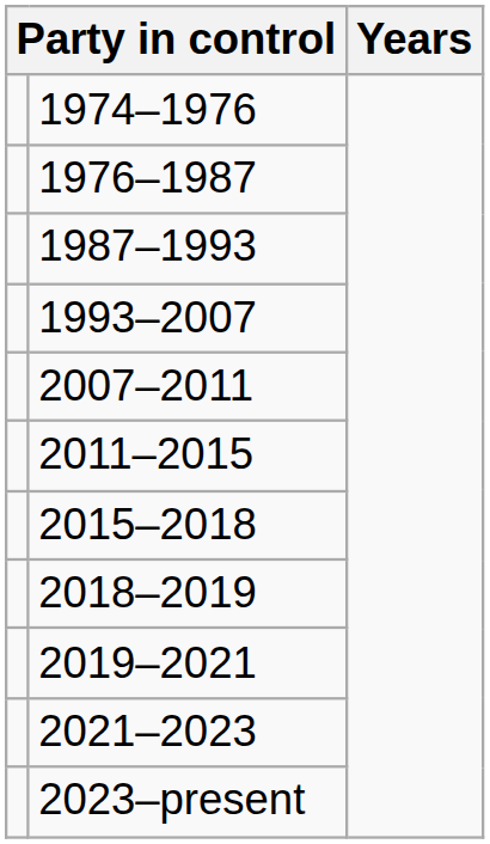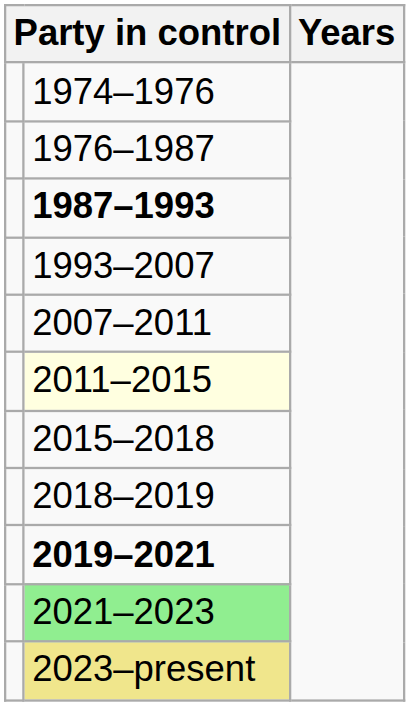 <table class="wikitable">
 <tr>
 <th colspan=2>Party in control</th>
 <th>Years</th>
 </tr>
 <tr>
 <td></td>
 <td>1974–1976</td>
 </tr>
 <tr>
 <td></td>
 <td>1976–1987</td>
 </tr>
 <tr>
 <td></td>
-<td>1987–1993</td>
+<td><strong>1987–1993</strong></td>
 </tr>
 <tr>
 <td></td>
 <td>1993–2007</td>
 </tr>
 <tr>
 <td></td>
 <td>2007–2011</td>
 </tr>
 <tr>
 <td></td>
-<td>2011–2015</td>
+<td style="background: lightyellow;">2011–2015</td>
 </tr>
 <tr>
 <td></td>
 <td>2015–2018</td>
 </tr>
 <tr>
 <td></td>
 <td>2018–2019</td>
 </tr>
 <tr>
 <td></td>
-<td>2019–2021</td>
+<td><strong>2019–2021</strong></td>
 </tr>
 <tr>
 <td></td>
-<td>2021–2023</td>
+<td style="background: lightgreen;">2021–2023</td>
 </tr>
 <tr>
 <td></td>
-<td>2023–present</td>
+<td style="background: khaki;">2023–present</td>
 </tr>
 </table>
